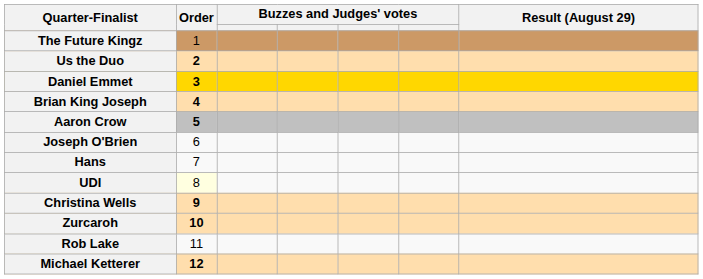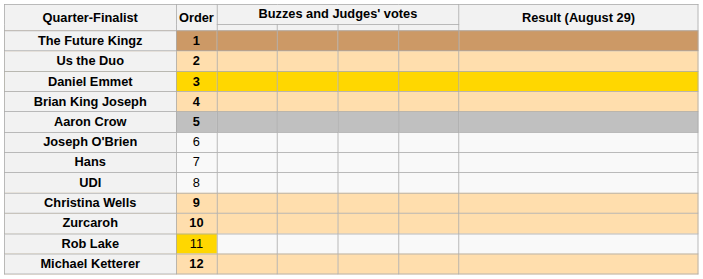 <table class="wikitable plainrowheaders sortable" style="text-align:center;">
 <tr>
 <th scope="col" rowspan="2" class="unsortable" style="width:17em;">Quarter-Finalist</th>
 <th scope="col" rowspan="2" style="width:1em;">Order</th>
 <th scope="col" colspan="4" class="unsortable" style="width:24em;">Buzzes and Judges' votes</th>
 <th scope="col" rowspan="2" style="width:25em;">Result (August 29)</th>
 </tr>
 <tr>
 <th scope="col" class="unsortable" style="width:6em;"></th>
 <th scope="col" class="unsortable" style="width:6em;"></th>
 <th scope="col" class="unsortable" style="width:6em;"></th>
 <th scope="col" class="unsortable" style="width:6em;"></th>
 </tr>
 <tr style="background:#c96">
 <th scope="row">The Future Kingz</th>
-<td>1</td>
+<td><strong>1</strong></td>
 <td style="text-align:center;"></td>
 <td style="text-align:center;"></td>
 <td style="text-align:center;"></td>
 <td style="text-align:center;"></td>
 <td></td>
 </tr>
 <tr style="background:NavajoWhite">
 <th scope="row"><strong>Us the Duo</strong></th>
 <td><strong>2</strong></td>
 <td style="text-align:center;"></td>
 <td style="text-align:center;"></td>
 <td style="text-align:center;"></td>
 <td style="text-align:center;"></td>
 <td><strong></strong></td>
 </tr>
 <tr style="background:gold">
 <th scope="row"><strong>Daniel Emmet</strong></th>
 <td><strong>3</strong></td>
 <td style="text-align:center;"></td>
 <td style="text-align:center;"></td>
 <td style="text-align:center;"></td>
 <td style="text-align:center;"></td>
 <td><strong></strong></td>
 </tr>
 <tr style="background:NavajoWhite">
 <th scope="row"><strong>Brian King Joseph</strong></th>
 <td><strong>4</strong></td>
 <td style="text-align:center;"></td>
 <td style="text-align:center;"></td>
 <td style="text-align:center;"></td>
 <td style="text-align:center;"></td>
 <td><strong></strong></td>
 </tr>
 <tr style="background:silver">
 <th scope="row"><strong>Aaron Crow</strong></th>
 <td><strong>5</strong></td>
 <td style="text-align:center;"></td>
 <td style="text-align:center;"></td>
 <td style="text-align:center;"> </td>
 <td style="text-align:center;"></td>
 <td><strong></strong></td>
 </tr>
 <tr>
 <th scope="row">Joseph O'Brien</th>
 <td>6</td>
 <td style="text-align:center;"></td>
 <td style="text-align:center;"></td>
 <td style="text-align:center;"></td>
 <td style="text-align:center;"></td>
 <td></td>
 </tr>
 <tr>
 <th scope="row">Hans</th>
 <td>7</td>
 <td style="text-align:center;"></td>
 <td style="text-align:center;"></td>
 <td style="text-align:center;"></td>
 <td style="text-align:center;"></td>
 <td></td>
 </tr>
 <tr>
 <th scope="row">UDI</th>
-<td style="background: lightyellow;">8</td>
+<td>8</td>
 <td style="text-align:center;"></td>
 <td style="text-align:center;"></td>
 <td style="text-align:center;"></td>
 <td style="text-align:center;"></td>
 <td></td>
 </tr>
 <tr style="background:NavajoWhite">
 <th scope="row"><strong>Christina Wells</strong></th>
 <td><strong>9</strong></td>
 <td style="text-align:center;"></td>
 <td style="text-align:center;"></td>
 <td style="text-align:center;"></td>
 <td style="text-align:center;"></td>
 <td><strong></strong></td>
 </tr>
 <tr style="background:NavajoWhite">
 <th scope="row"><strong>Zurcaroh</strong></th>
 <td><strong>10</strong></td>
 <td style="text-align:center;"></td>
 <td style="text-align:center;"></td>
 <td style="text-align:center;"></td>
 <td style="text-align:center;"></td>
 <td><strong></strong></td>
 </tr>
 <tr>
 <th scope="row">Rob Lake</th>
-<td>11</td>
+<td style="background: gold;">11</td>
 <td style="text-align:center;"></td>
 <td style="text-align:center;"></td>
 <td style="text-align:center;"></td>
 <td style="text-align:center;"></td>
 <td></td>
 </tr>
 <tr style="background:NavajoWhite">
 <th scope="row"><strong>Michael Ketterer</strong></th>
 <td><strong>12</strong></td>
 <td style="text-align:center;"></td>
 <td style="text-align:center;"></td>
 <td style="text-align:center;"></td>
 <td style="text-align:center;"></td>
 <td><strong></strong></td>
 </tr>
 </table>
